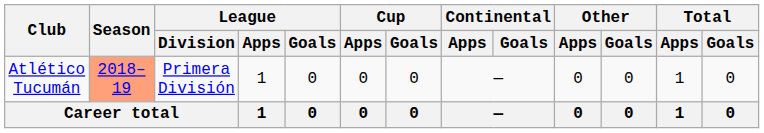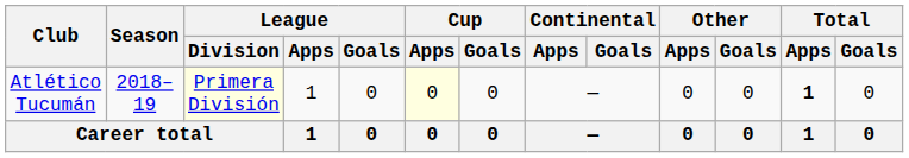 <table class="wikitable" style="text-align:center">
 <tr>
 <th rowspan="2">Club</th>
 <th rowspan="2">Season</th>
 <th colspan="3">League</th>
 <th colspan="2">Cup</th>
 <th colspan="2">Continental</th>
 <th colspan="2">Other</th>
 <th colspan="2">Total</th>
 </tr>
 <tr>
 <th>Division</th>
 <th>Apps</th>
 <th>Goals</th>
 <th>Apps</th>
 <th>Goals</th>
 <th>Apps</th>
 <th>Goals</th>
 <th>Apps</th>
 <th>Goals</th>
 <th>Apps</th>
 <th>Goals</th>
 </tr>
 <tr>
 <td rowspan="1"><a href='#'>Atlético Tucumán</a></td>
-<td style="background: lightsalmon;"><a href='#'>2018–19</a></td>
-<td rowspan="1"><a href='#'>Primera División</a></td>
+<td><a href='#'>2018–19</a></td>
+<td rowspan="1" style="background: lightyellow;"><a href='#'>Primera División</a></td>
 <td>1</td>
 <td>0</td>
-<td>0</td>
+<td style="background: lightyellow;">0</td>
 <td>0</td>
 <td colspan="2">—</td>
 <td>0</td>
 <td>0</td>
-<td>1</td>
+<td><strong>1</strong></td>
 <td>0</td>
 </tr>
 <tr>
 <th colspan="3">Career total</th>
 <th>1</th>
 <th>0</th>
 <th>0</th>
 <th>0</th>
 <th colspan="2">—</th>
 <th>0</th>
 <th>0</th>
 <th>1</th>
 <th>0</th>
 </tr>
 </table>
